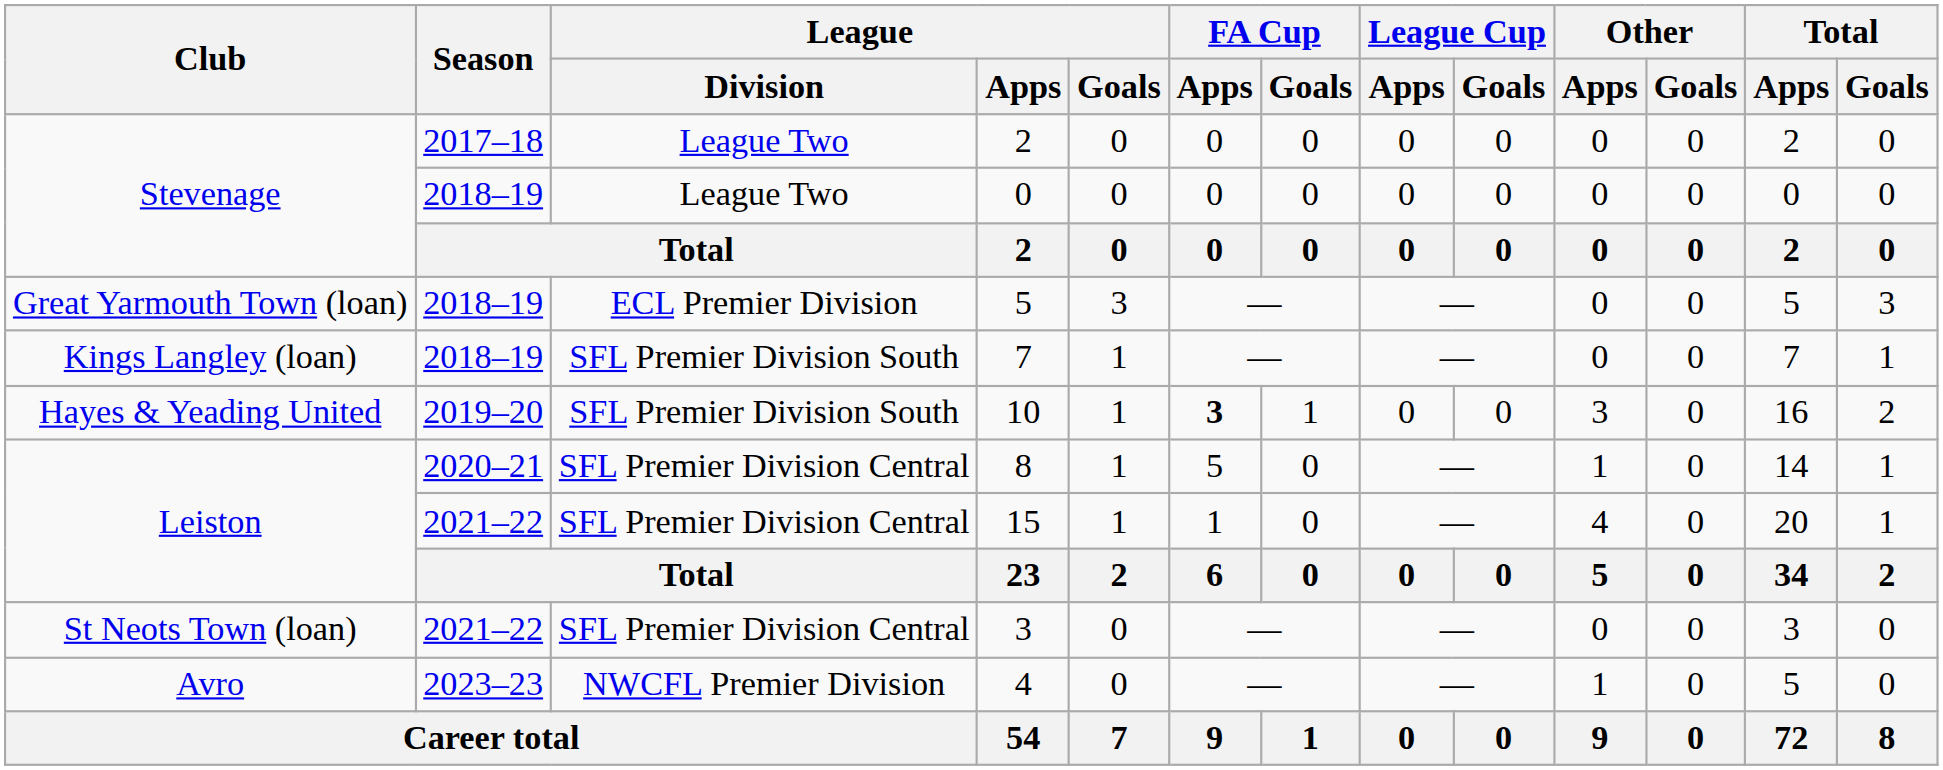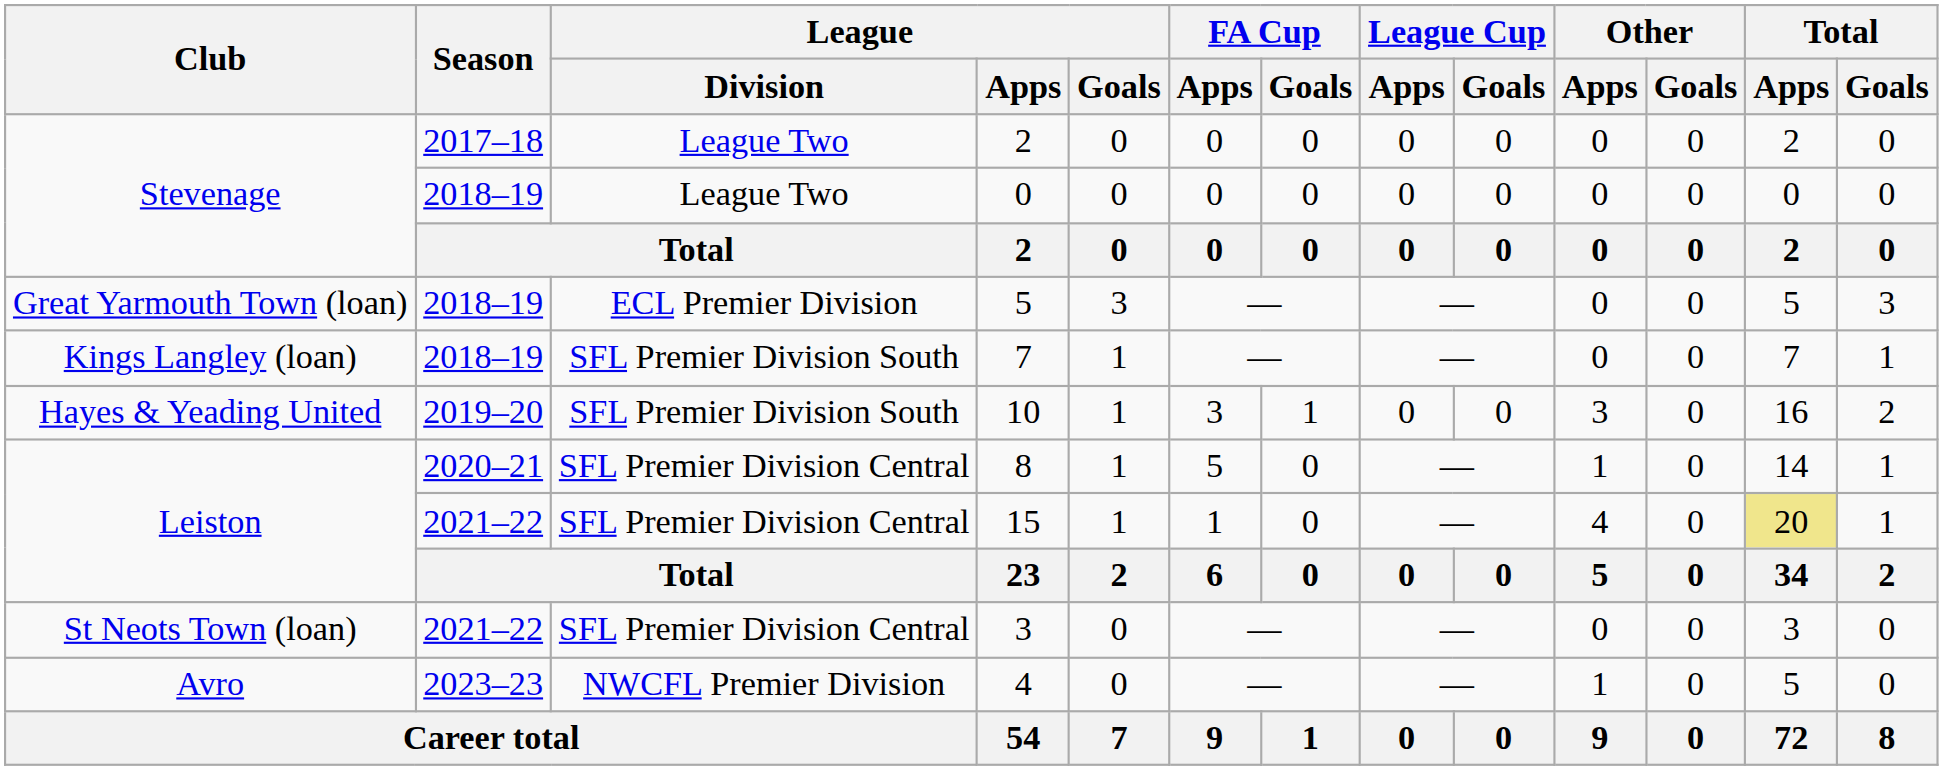 <table class="wikitable" style="text-align: center">
 <tr>
 <th rowspan="2">Club</th>
 <th rowspan="2">Season</th>
 <th colspan="3">League</th>
 <th colspan="2"><a href='#'>FA Cup</a></th>
 <th colspan="2"><a href='#'>League Cup</a></th>
 <th colspan="2">Other</th>
 <th colspan="2">Total</th>
 </tr>
 <tr>
 <th>Division</th>
 <th>Apps</th>
 <th>Goals</th>
 <th>Apps</th>
 <th>Goals</th>
 <th>Apps</th>
 <th>Goals</th>
 <th>Apps</th>
 <th>Goals</th>
 <th>Apps</th>
 <th>Goals</th>
 </tr>
 <tr>
 <td rowspan="3"><a href='#'>Stevenage</a></td>
 <td><a href='#'>2017–18</a></td>
 <td><a href='#'>League Two</a></td>
 <td>2</td>
 <td>0</td>
 <td>0</td>
 <td>0</td>
 <td>0</td>
 <td>0</td>
 <td>0</td>
 <td>0</td>
 <td>2</td>
 <td>0</td>
 </tr>
 <tr>
 <td><a href='#'>2018–19</a></td>
 <td>League Two</td>
 <td>0</td>
 <td>0</td>
 <td>0</td>
 <td>0</td>
 <td>0</td>
 <td>0</td>
 <td>0</td>
 <td>0</td>
 <td>0</td>
 <td>0</td>
 </tr>
 <tr>
 <th colspan="2">Total</th>
 <th>2</th>
 <th>0</th>
 <th>0</th>
 <th>0</th>
 <th>0</th>
 <th>0</th>
 <th>0</th>
 <th>0</th>
 <th>2</th>
 <th>0</th>
 </tr>
 <tr>
 <td rowspan="1"><a href='#'>Great Yarmouth Town</a> (loan)</td>
 <td><a href='#'>2018–19</a></td>
 <td><a href='#'>ECL</a> Premier Division</td>
 <td>5</td>
 <td>3</td>
 <td colspan="2">—</td>
 <td colspan="2">—</td>
 <td>0</td>
 <td>0</td>
 <td>5</td>
 <td>3</td>
 </tr>
 <tr>
 <td rowspan="1"><a href='#'>Kings Langley</a> (loan)</td>
 <td><a href='#'>2018–19</a></td>
 <td><a href='#'>SFL</a> Premier Division South</td>
 <td>7</td>
 <td>1</td>
 <td colspan="2">—</td>
 <td colspan="2">—</td>
 <td>0</td>
 <td>0</td>
 <td>7</td>
 <td>1</td>
 </tr>
 <tr>
 <td rowspan="1"><a href='#'>Hayes & Yeading United</a></td>
 <td><a href='#'>2019–20</a></td>
 <td><a href='#'>SFL</a> Premier Division South</td>
 <td>10</td>
 <td>1</td>
-<td><strong>3</strong></td>
+<td>3</td>
 <td>1</td>
 <td>0</td>
 <td>0</td>
 <td>3</td>
 <td>0</td>
 <td>16</td>
 <td>2</td>
 </tr>
 <tr>
 <td rowspan="3"><a href='#'>Leiston</a></td>
 <td><a href='#'>2020–21</a></td>
 <td><a href='#'>SFL</a> Premier Division Central</td>
 <td>8</td>
 <td>1</td>
 <td>5</td>
 <td>0</td>
 <td colspan="2">—</td>
 <td>1</td>
 <td>0</td>
 <td>14</td>
 <td>1</td>
 </tr>
 <tr>
 <td><a href='#'>2021–22</a></td>
 <td><a href='#'>SFL</a> Premier Division Central</td>
 <td>15</td>
 <td>1</td>
 <td>1</td>
 <td>0</td>
 <td colspan="2">—</td>
 <td>4</td>
 <td>0</td>
-<td>20</td>
+<td style="background: khaki;">20</td>
 <td>1</td>
 </tr>
 <tr>
 <th colspan="2">Total</th>
 <th>23</th>
 <th>2</th>
 <th>6</th>
 <th>0</th>
 <th>0</th>
 <th>0</th>
 <th>5</th>
 <th>0</th>
 <th>34</th>
 <th>2</th>
 </tr>
 <tr>
 <td rowspan="1"><a href='#'>St Neots Town</a> (loan)</td>
 <td><a href='#'>2021–22</a></td>
 <td><a href='#'>SFL</a> Premier Division Central</td>
 <td>3</td>
 <td>0</td>
 <td colspan="2">—</td>
 <td colspan="2">—</td>
 <td>0</td>
 <td>0</td>
 <td>3</td>
 <td>0</td>
 </tr>
 <tr>
 <td rowspan="1"><a href='#'>Avro</a></td>
 <td><a href='#'>2023–23</a></td>
 <td><a href='#'>NWCFL</a> Premier Division</td>
 <td>4</td>
 <td>0</td>
 <td colspan="2">—</td>
 <td colspan="2">—</td>
 <td>1</td>
 <td>0</td>
 <td>5</td>
 <td>0</td>
 </tr>
 <tr>
 <th colspan=3>Career total</th>
 <th>54</th>
 <th>7</th>
 <th>9</th>
 <th>1</th>
 <th>0</th>
 <th>0</th>
 <th>9</th>
 <th>0</th>
 <th>72</th>
 <th>8</th>
 </tr>
 </table>
